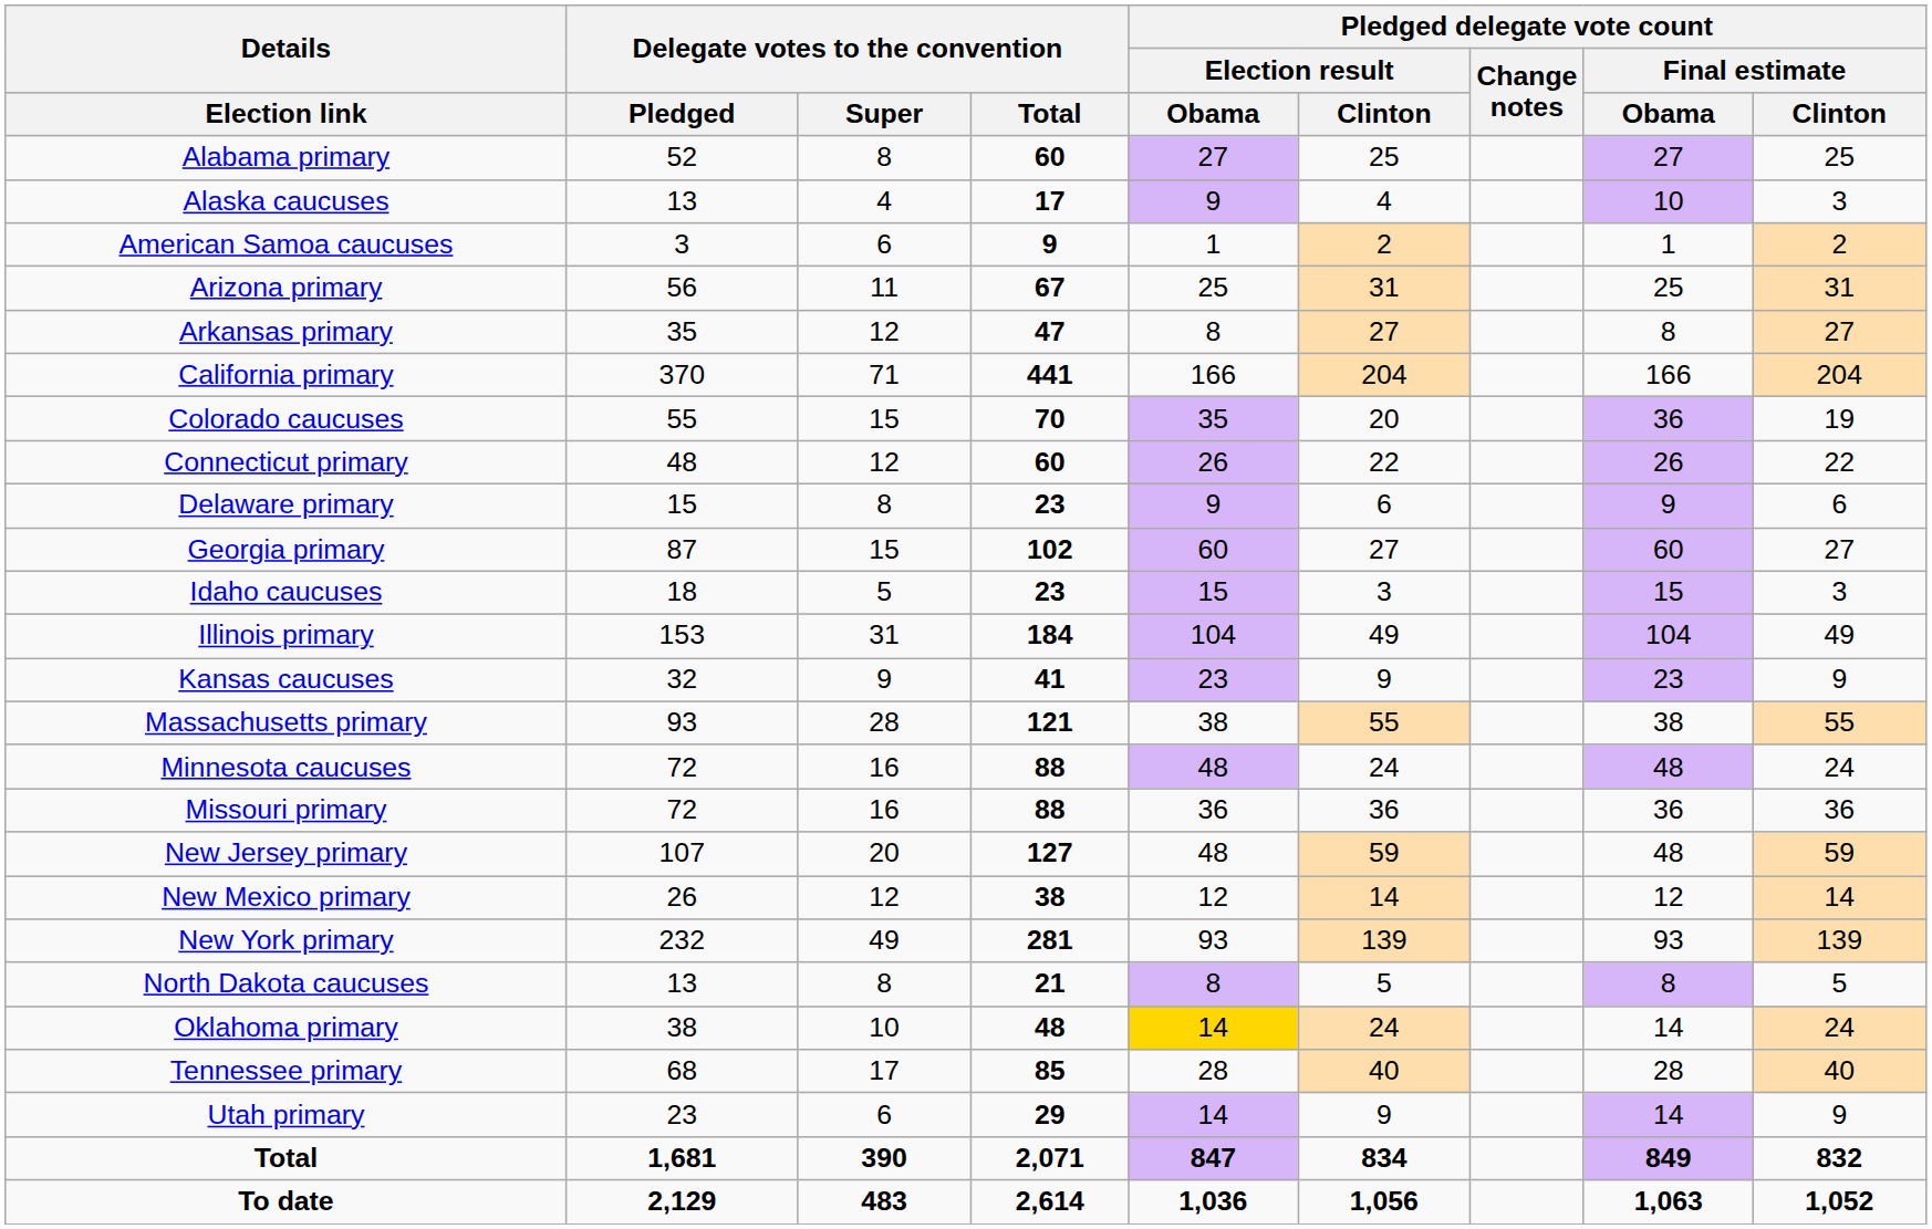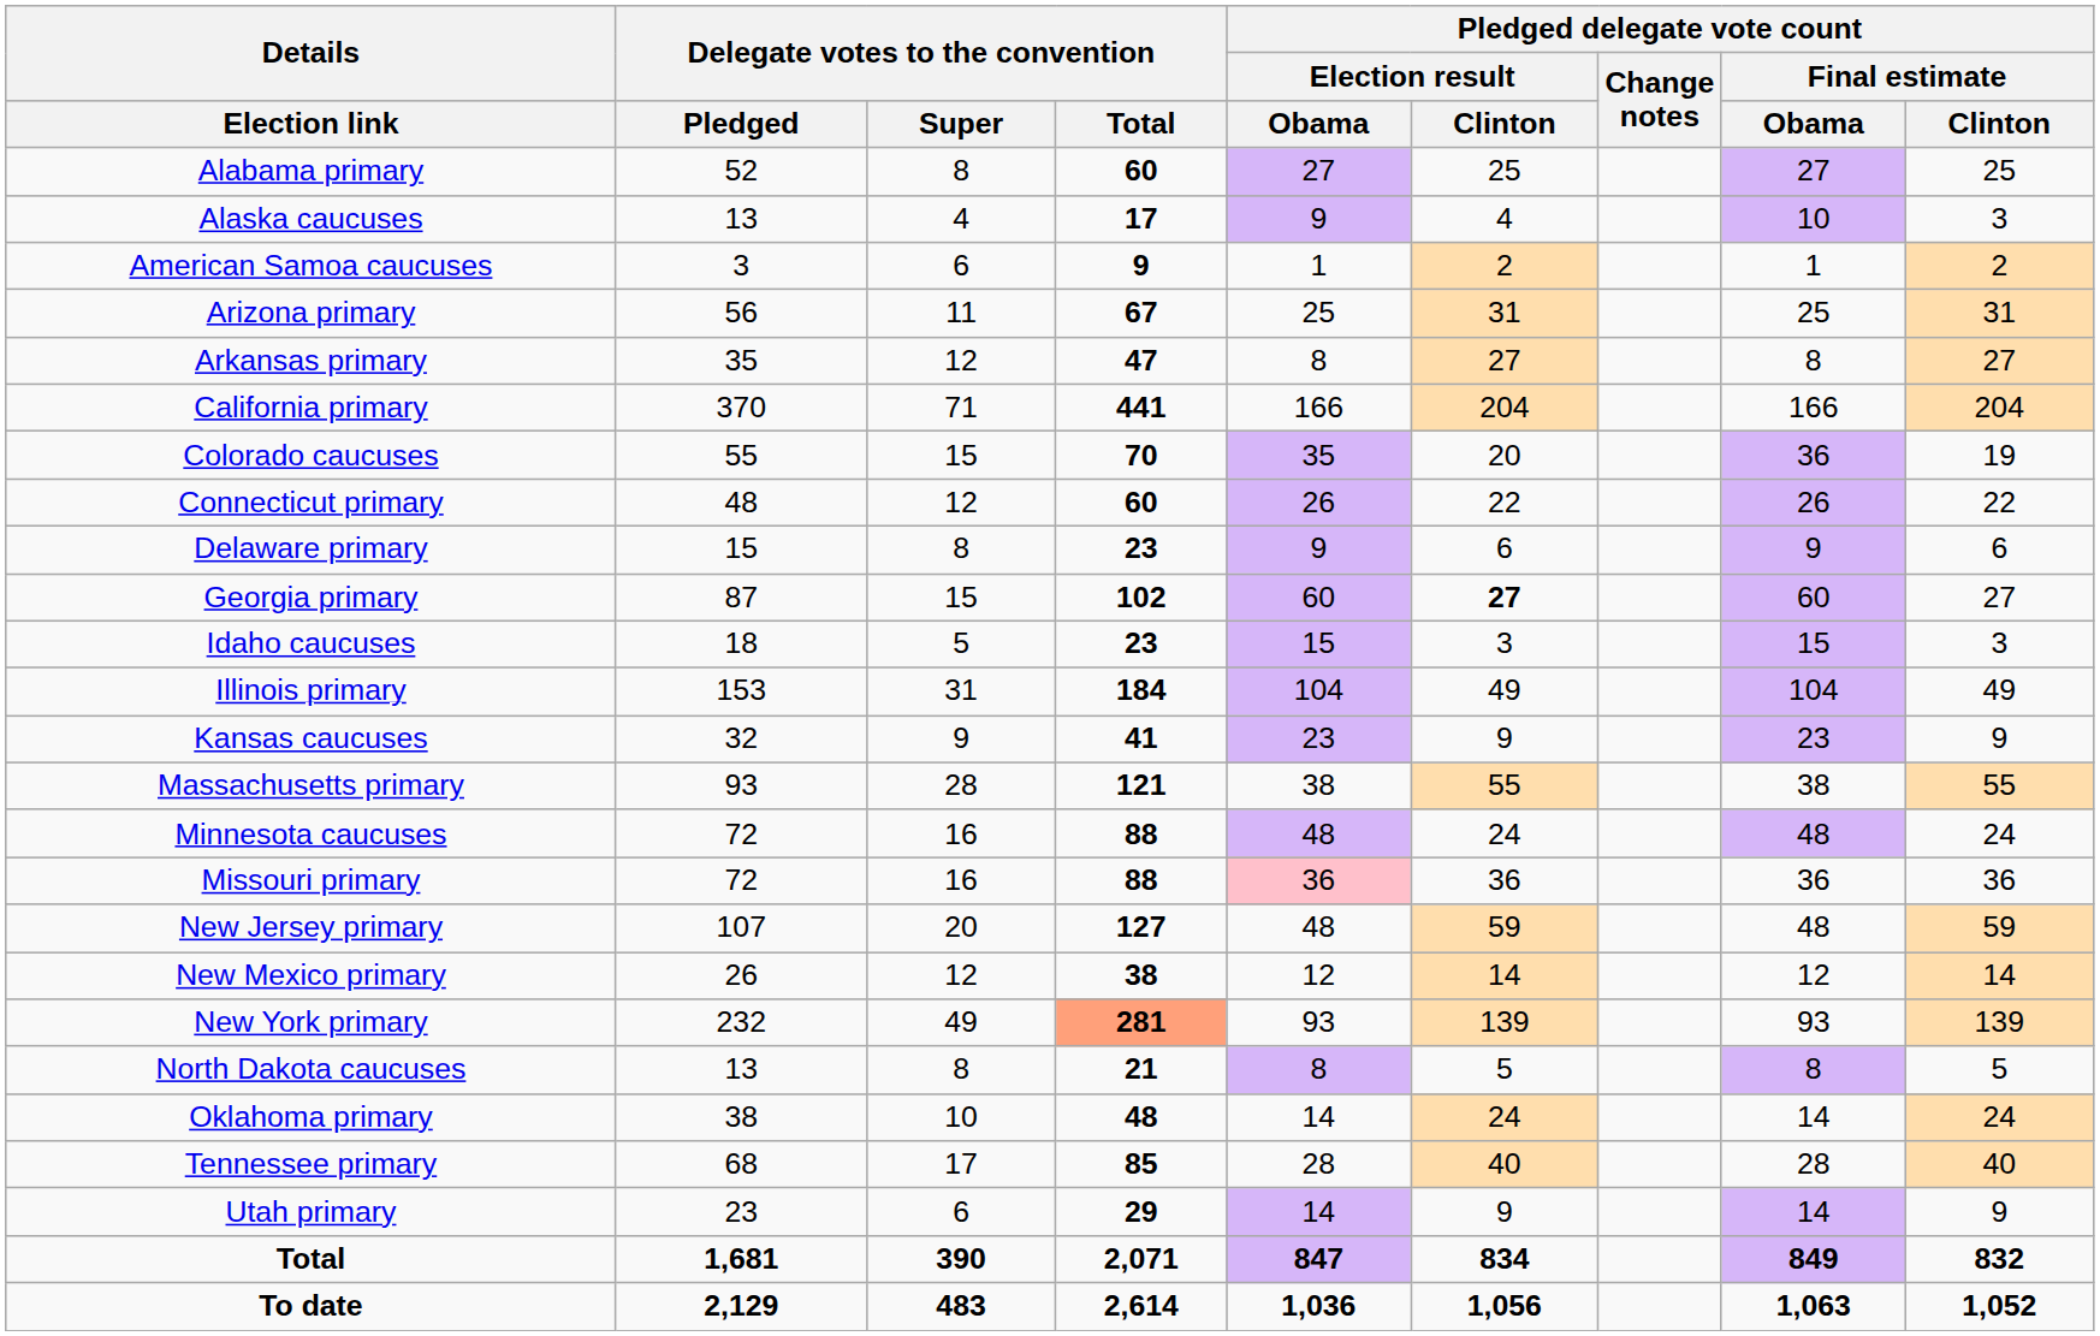 <table class="wikitable" style="text-align:center">
 <tr>
 <th rowspan="2" style="width:20em">Details</th>
 <th rowspan="2" colspan="3" style="width:20em">Delegate votes to the convention</th>
 <th colspan="5">Pledged delegate vote count</th>
 </tr>
 <tr>
 <th colspan="2" style="width:12em">Election result</th>
 <th rowspan="2">Change<br>notes</th>
 <th colspan="2" style="width:12em">Final estimate</th>
 </tr>
 <tr>
 <th>Election link</th>
 <th>Pledged</th>
 <th>Super</th>
 <th>Total</th>
 <th>Obama</th>
 <th>Clinton</th>
 <th>Obama</th>
 <th>Clinton</th>
 </tr>
 <tr>
 <td><a href='#'>Alabama primary</a></td>
 <td>52</td>
 <td>8</td>
 <td><strong>60</strong></td>
 <td style="background:#d6b6f9;">27</td>
 <td>25</td>
 <td></td>
 <td style="background:#d6b6f9;">27</td>
 <td>25</td>
 </tr>
 <tr>
 <td><a href='#'>Alaska caucuses</a></td>
 <td>13</td>
 <td>4</td>
 <td><strong>17</strong></td>
 <td style="background:#d6b6f9;">9</td>
 <td>4</td>
 <td></td>
 <td style="background:#d6b6f9;">10</td>
 <td>3</td>
 </tr>
 <tr>
 <td><a href='#'>American Samoa caucuses</a></td>
 <td>3</td>
 <td>6</td>
 <td><strong>9</strong></td>
 <td>1</td>
 <td style="background:#ffdead;">2</td>
 <td></td>
 <td>1</td>
 <td style="background:#ffdead;">2</td>
 </tr>
 <tr>
 <td><a href='#'>Arizona primary</a></td>
 <td>56</td>
 <td>11</td>
 <td><strong>67</strong></td>
 <td>25</td>
 <td style="background:#ffdead;">31</td>
 <td></td>
 <td>25</td>
 <td style="background:#ffdead;">31</td>
 </tr>
 <tr>
 <td><a href='#'>Arkansas primary</a></td>
 <td>35</td>
 <td>12</td>
 <td><strong>47</strong></td>
 <td>8</td>
 <td style="background:#ffdead;">27</td>
 <td></td>
 <td>8</td>
 <td style="background:#ffdead;">27</td>
 </tr>
 <tr>
 <td><a href='#'>California primary</a></td>
 <td>370</td>
 <td>71</td>
 <td><strong>441</strong></td>
 <td>166</td>
 <td style="background:#ffdead;">204</td>
 <td></td>
 <td>166</td>
 <td style="background:#ffdead;">204</td>
 </tr>
 <tr>
 <td><a href='#'>Colorado caucuses</a></td>
 <td>55</td>
 <td>15</td>
 <td><strong>70</strong></td>
 <td style="background:#d6b6f9;">35</td>
 <td>20</td>
 <td></td>
 <td style="background:#d6b6f9;">36</td>
 <td>19</td>
 </tr>
 <tr>
 <td><a href='#'>Connecticut primary</a></td>
 <td>48</td>
 <td>12</td>
 <td><strong>60</strong></td>
 <td style="background:#d6b6f9;">26</td>
 <td>22</td>
 <td></td>
 <td style="background:#d6b6f9;">26</td>
 <td>22</td>
 </tr>
 <tr>
 <td><a href='#'>Delaware primary</a></td>
 <td>15</td>
 <td>8</td>
 <td><strong>23</strong></td>
 <td style="background:#d6b6f9;">9</td>
 <td>6</td>
 <td></td>
 <td style="background:#d6b6f9;">9</td>
 <td>6</td>
 </tr>
 <tr>
 <td><a href='#'>Georgia primary</a></td>
 <td>87</td>
 <td>15</td>
 <td><strong>102</strong></td>
 <td style="background:#d6b6f9;">60</td>
-<td>27</td>
+<td><strong>27</strong></td>
 <td></td>
 <td style="background:#d6b6f9;">60</td>
 <td>27</td>
 </tr>
 <tr>
 <td><a href='#'>Idaho caucuses</a></td>
 <td>18</td>
 <td>5</td>
 <td><strong>23</strong></td>
 <td style="background:#d6b6f9;">15</td>
 <td>3</td>
 <td></td>
 <td style="background:#d6b6f9;">15</td>
 <td>3</td>
 </tr>
 <tr>
 <td><a href='#'>Illinois primary</a></td>
 <td>153</td>
 <td>31</td>
 <td><strong>184</strong></td>
 <td style="background:#d6b6f9;">104</td>
 <td>49</td>
 <td></td>
 <td style="background:#d6b6f9;">104</td>
 <td>49</td>
 </tr>
 <tr>
 <td><a href='#'>Kansas caucuses</a></td>
 <td>32</td>
 <td>9</td>
 <td><strong>41</strong></td>
 <td style="background:#d6b6f9;">23</td>
 <td>9</td>
 <td></td>
 <td style="background:#d6b6f9;">23</td>
 <td>9</td>
 </tr>
 <tr>
 <td><a href='#'>Massachusetts primary</a></td>
 <td>93</td>
 <td>28</td>
 <td><strong>121</strong></td>
 <td>38</td>
 <td style="background:#ffdead;">55</td>
 <td></td>
 <td>38</td>
 <td style="background:#ffdead;">55</td>
 </tr>
 <tr>
 <td><a href='#'>Minnesota caucuses</a></td>
 <td>72</td>
 <td>16</td>
 <td><strong>88</strong></td>
 <td style="background:#d6b6f9;">48</td>
 <td>24</td>
 <td></td>
 <td style="background:#d6b6f9;">48</td>
 <td>24</td>
 </tr>
 <tr>
 <td><a href='#'>Missouri primary</a></td>
 <td>72</td>
 <td>16</td>
 <td><strong>88</strong></td>
-<td>36</td>
+<td style="background: pink;">36</td>
 <td>36</td>
 <td></td>
 <td>36</td>
 <td>36</td>
 </tr>
 <tr>
 <td><a href='#'>New Jersey primary</a></td>
 <td>107</td>
 <td>20</td>
 <td><strong>127</strong></td>
 <td>48</td>
 <td style="background:#ffdead;">59</td>
 <td></td>
 <td>48</td>
 <td style="background:#ffdead;">59</td>
 </tr>
 <tr>
 <td><a href='#'>New Mexico primary</a></td>
 <td>26</td>
 <td>12</td>
 <td><strong>38</strong></td>
 <td>12</td>
 <td style="background:#ffdead;">14</td>
 <td></td>
 <td>12</td>
 <td style="background:#ffdead;">14</td>
 </tr>
 <tr>
 <td><a href='#'>New York primary</a></td>
 <td>232</td>
 <td>49</td>
-<td><strong>281</strong></td>
+<td style="background: lightsalmon;"><strong>281</strong></td>
 <td>93</td>
 <td style="background:#ffdead;">139</td>
 <td></td>
 <td>93</td>
 <td style="background:#ffdead;">139</td>
 </tr>
 <tr>
 <td><a href='#'>North Dakota caucuses</a></td>
 <td>13</td>
 <td>8</td>
 <td><strong>21</strong></td>
 <td style="background:#d6b6f9;">8</td>
 <td>5</td>
 <td></td>
 <td style="background:#d6b6f9;">8</td>
 <td>5</td>
 </tr>
 <tr>
 <td><a href='#'>Oklahoma primary</a></td>
 <td>38</td>
 <td>10</td>
 <td><strong>48</strong></td>
-<td style="background: gold;">14</td>
+<td>14</td>
 <td style="background:#ffdead;">24</td>
 <td></td>
 <td>14</td>
 <td style="background:#ffdead;">24</td>
 </tr>
 <tr>
 <td><a href='#'>Tennessee primary</a></td>
 <td>68</td>
 <td>17</td>
 <td><strong>85</strong></td>
 <td>28</td>
 <td style="background:#ffdead;">40</td>
 <td></td>
 <td>28</td>
 <td style="background:#ffdead;">40</td>
 </tr>
 <tr>
 <td><a href='#'>Utah primary</a></td>
 <td>23</td>
 <td>6</td>
 <td><strong>29</strong></td>
 <td style="background:#d6b6f9;">14</td>
 <td>9</td>
 <td></td>
 <td style="background:#d6b6f9;">14</td>
 <td>9</td>
 </tr>
 <tr>
 <td><strong>Total</strong></td>
 <td><strong>1,681</strong></td>
 <td><strong>390</strong></td>
 <td><strong>2,071</strong></td>
 <td style="background:#d6b6f9;"><strong>847</strong></td>
 <td><strong>834</strong></td>
 <td></td>
 <td style="background:#d6b6f9;"><strong>849</strong></td>
 <td><strong>832</strong></td>
 </tr>
 <tr>
 <td><strong>To date</strong></td>
 <td><strong>2,129</strong></td>
 <td><strong>483</strong></td>
 <td><strong>2,614</strong></td>
 <td><strong>1,036</strong></td>
 <td><strong>1,056</strong></td>
 <td></td>
 <td><strong>1,063</strong></td>
 <td><strong>1,052</strong></td>
 </tr>
 </table>
